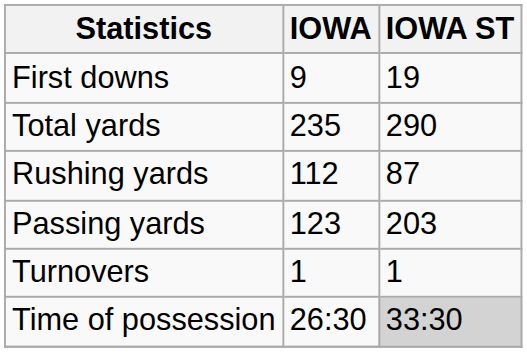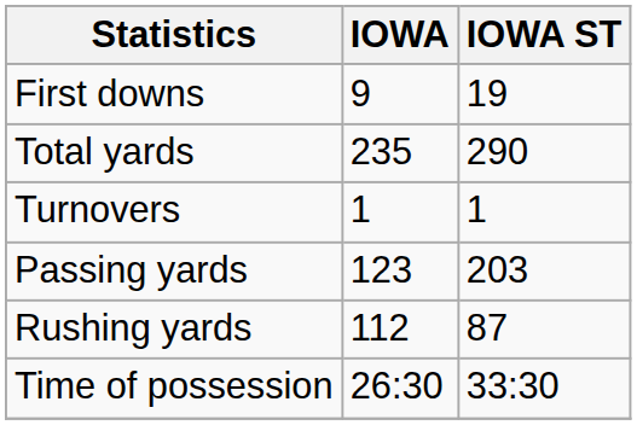 <table class="wikitable">
 <tr>
 <th>Statistics</th>
 <th>IOWA</th>
 <th>IOWA ST</th>
 </tr>
 <tr>
 <td>First downs</td>
 <td>9</td>
 <td>19</td>
 </tr>
 <tr>
 <td>Total yards</td>
 <td>235</td>
 <td>290</td>
 </tr>
 <tr>
-<td>Rushing yards</td>
-<td>112</td>
-<td>87</td>
+<td>Turnovers</td>
+<td>1</td>
+<td>1</td>
 </tr>
 <tr>
 <td>Passing yards</td>
 <td>123</td>
 <td>203</td>
 </tr>
 <tr>
-<td>Turnovers</td>
-<td>1</td>
-<td>1</td>
+<td>Rushing yards</td>
+<td>112</td>
+<td>87</td>
 </tr>
 <tr>
 <td>Time of possession</td>
 <td>26:30</td>
-<td style="background: lightgrey;">33:30</td>
+<td>33:30</td>
 </tr>
 <tr>
 </tr>
 </table>
